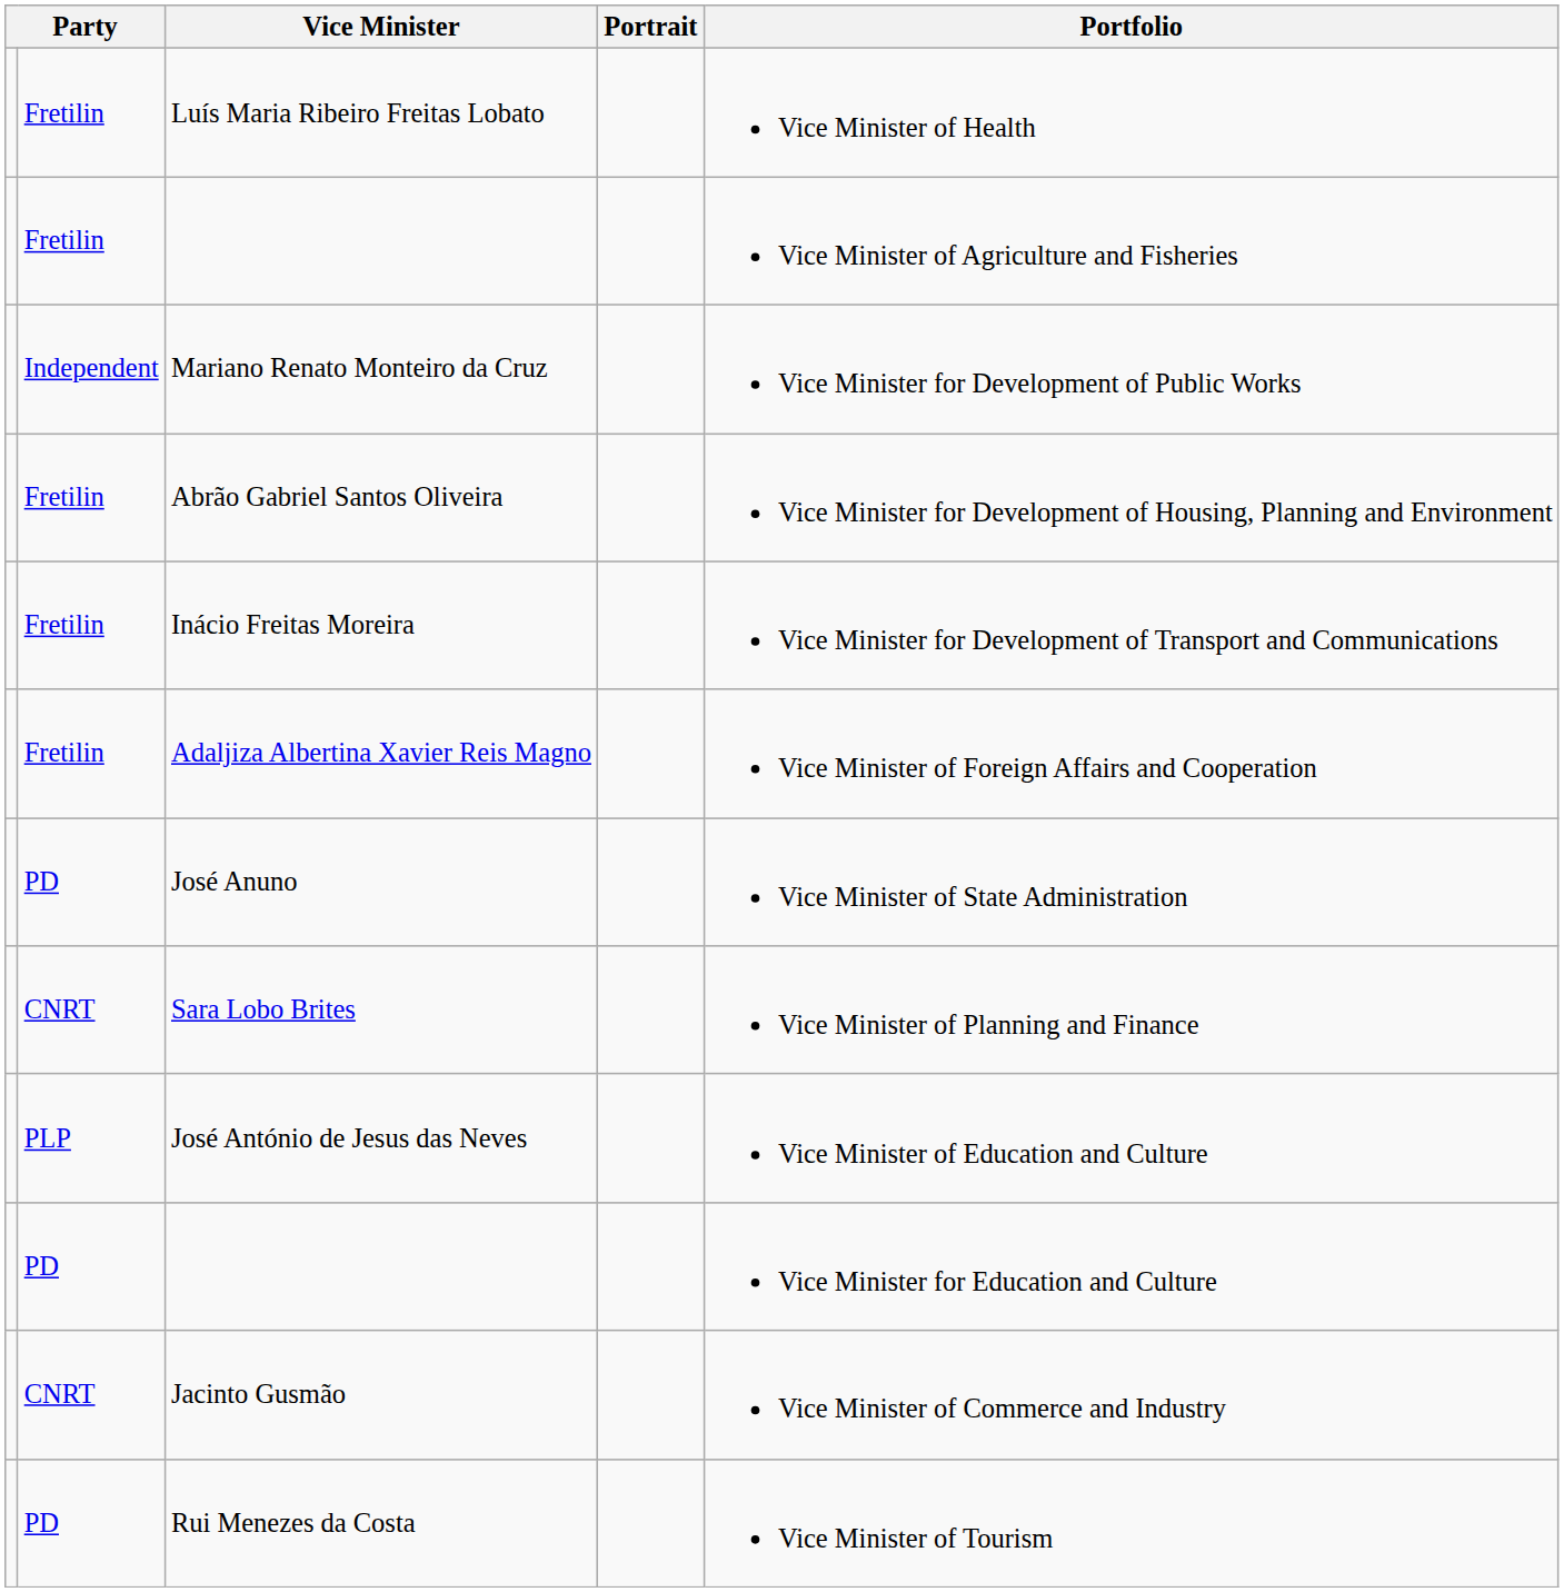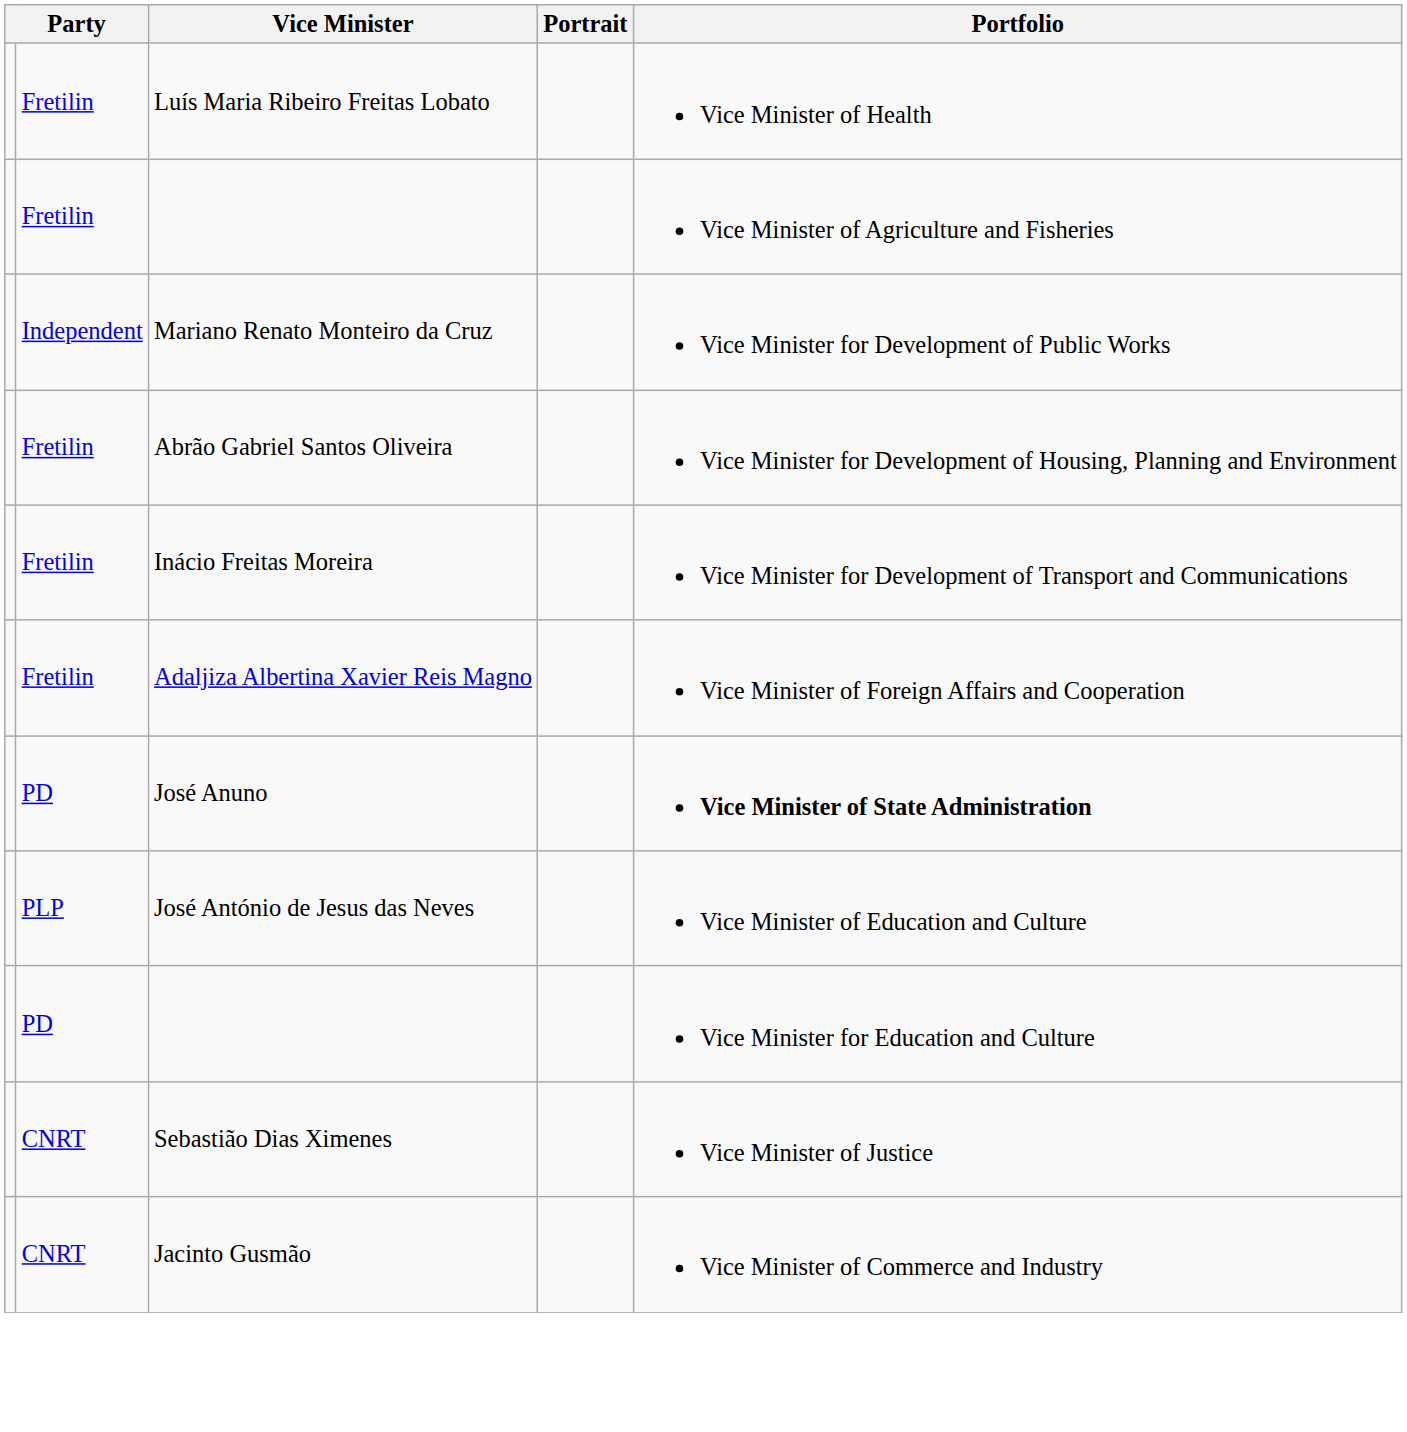 <table class="wikitable sortable">
 <tr>
 <th colspan="2">Party</th>
 <th>Vice Minister</th>
 <th>Portrait</th>
 <th>Portfolio</th>
 </tr>
 <tr>
 <td style="background:"></td>
 <td><a href='#'>Fretilin</a></td>
 <td>Luís Maria Ribeiro Freitas Lobato</td>
 <td></td>
 <td><br><ul><li>Vice Minister of Health</li></ul></td>
 </tr>
 <tr>
 <td style="background:"></td>
 <td><a href='#'>Fretilin</a></td>
 <td></td>
 <td></td>
 <td><br><ul><li>Vice Minister of Agriculture and Fisheries</li></ul></td>
 </tr>
 <tr>
 <td style="background:"></td>
 <td><a href='#'>Independent</a></td>
 <td>Mariano Renato Monteiro da Cruz</td>
 <td></td>
 <td><br><ul><li>Vice Minister for Development of Public Works</li></ul></td>
 </tr>
 <tr>
 <td style="background:"></td>
 <td><a href='#'>Fretilin</a></td>
 <td>Abrão Gabriel Santos Oliveira</td>
 <td></td>
 <td><br><ul><li>Vice Minister for Development of Housing, Planning and Environment</li></ul></td>
 </tr>
 <tr>
 <td style="background:"></td>
 <td><a href='#'>Fretilin</a></td>
 <td>Inácio Freitas Moreira</td>
 <td></td>
 <td><br><ul><li>Vice Minister for Development of Transport and Communications</li></ul></td>
 </tr>
 <tr>
 <td style="background:"></td>
 <td><a href='#'>Fretilin</a></td>
 <td><a href='#'>Adaljiza Albertina Xavier Reis Magno</a></td>
 <td></td>
 <td><br><ul><li>Vice Minister of Foreign Affairs and Cooperation</li></ul></td>
 </tr>
 <tr>
 <td style="background:"></td>
 <td><a href='#'>PD</a></td>
 <td>José Anuno</td>
 <td></td>
-<td><br><ul><li>Vice Minister of State Administration</li></ul></td>
-</tr>
-<tr>
-<td style="background:"></td>
-<td><a href='#'>CNRT</a></td>
-<td><a href='#'>Sara Lobo Brites</a></td>
-<td></td>
-<td><br><ul><li>Vice Minister of Planning and Finance</li></ul></td>
+<td><strong><br><ul><li>Vice Minister of State Administration</li></ul></strong></td>
 </tr>
 <tr>
 <td style="background:"></td>
 <td><a href='#'>PLP</a></td>
 <td>José António de Jesus das Neves</td>
 <td></td>
 <td><br><ul><li>Vice Minister of Education and Culture</li></ul></td>
 </tr>
 <tr>
 <td style="background:"></td>
 <td><a href='#'>PD</a></td>
 <td></td>
 <td></td>
 <td><br><ul><li>Vice Minister for Education and Culture</li></ul></td>
 </tr>
 <tr>
 <td style="background:"></td>
 <td><a href='#'>CNRT</a></td>
+<td>Sebastião Dias Ximenes</td>
+<td></td>
+<td><br><ul><li>Vice Minister of Justice</li></ul></td>
+</tr>
+<tr>
+<td style="background:"></td>
+<td><a href='#'>CNRT</a></td>
 <td>Jacinto Gusmão</td>
 <td></td>
 <td><br><ul><li>Vice Minister of Commerce and Industry</li></ul></td>
 </tr>
-<tr>
-<td style="background:"></td>
-<td><a href='#'>PD</a></td>
-<td>Rui Menezes da Costa</td>
-<td></td>
-<td><br><ul><li>Vice Minister of Tourism</li></ul></td>
-</tr>
 </table>
